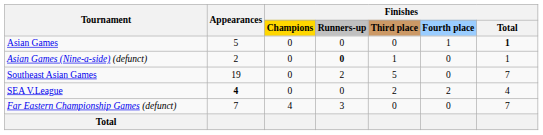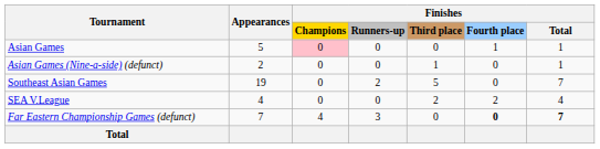 <table class="wikitable" style="text-align: center; font-size: 90%; margin-left: 1em;">
 <tr>
 <th rowspan="2" width="300">Tournament</th>
 <th rowspan="2">Appearances</th>
 <th colspan="5">Finishes</th>
 </tr>
 <tr>
 <th style="background-color: gold;">Champions</th>
 <th style="background-color: silver;">Runners-up</th>
 <th style="background-color: #cc9966;">Third place</th>
 <th style="background-color: #9acdff;">Fourth place</th>
 <th style="width: 6em;">Total</th>
 </tr>
 <tr>
 <td style="text-align:left;"><a href='#'>Asian Games</a></td>
 <td>5</td>
-<td>0</td>
+<td style="background: pink;">0</td>
 <td>0</td>
 <td>0</td>
 <td>1</td>
-<td><strong>1</strong></td>
+<td>1</td>
 </tr>
 <tr>
 <td style="text-align:left;"><em><a href='#'>Asian Games (Nine-a-side)</a> (defunct)</em></td>
 <td>2</td>
 <td>0</td>
-<td><strong>0</strong></td>
+<td>0</td>
 <td>1</td>
 <td>0</td>
 <td>1</td>
 </tr>
 <tr>
 <td style="text-align:left;"><a href='#'>Southeast Asian Games</a></td>
 <td>19</td>
 <td>0</td>
 <td>2</td>
 <td>5</td>
 <td>0</td>
 <td>7</td>
 </tr>
 <tr>
 <td style="text-align:left;"><a href='#'>SEA V.League</a></td>
-<td><strong>4</strong></td>
+<td>4</td>
 <td>0</td>
 <td>0</td>
 <td>2</td>
 <td>2</td>
 <td>4</td>
 </tr>
 <tr>
 <td style="text-align:left;"><em><a href='#'>Far Eastern Championship Games</a> (defunct)</em></td>
 <td>7</td>
 <td>4</td>
 <td>3</td>
 <td>0</td>
-<td>0</td>
-<td>7</td>
+<td><strong>0</strong></td>
+<td><strong>7</strong></td>
 </tr>
 <tr>
 <th>Total</th>
 <th></th>
 <th></th>
 <th></th>
 <th></th>
 <th></th>
 <th></th>
 </tr>
 </table>
